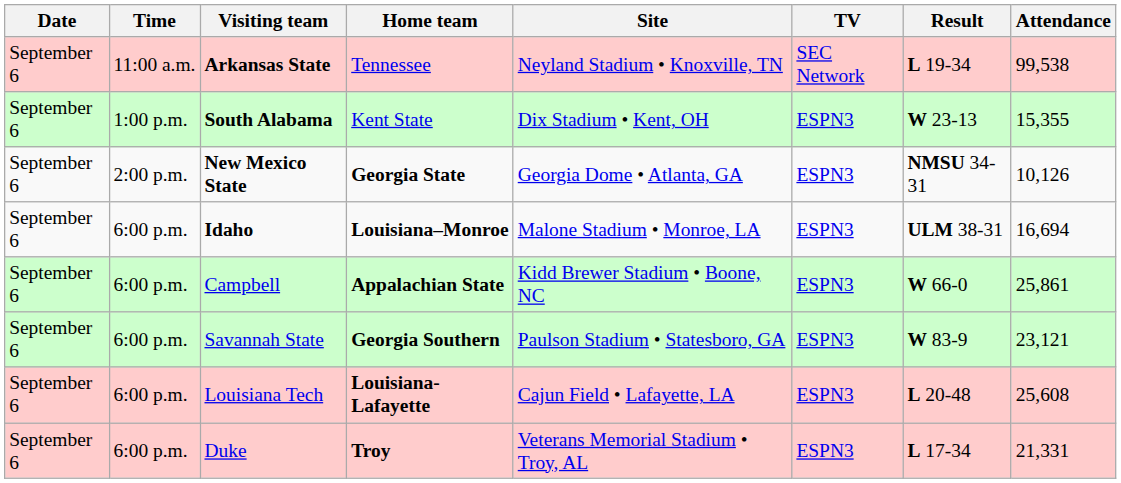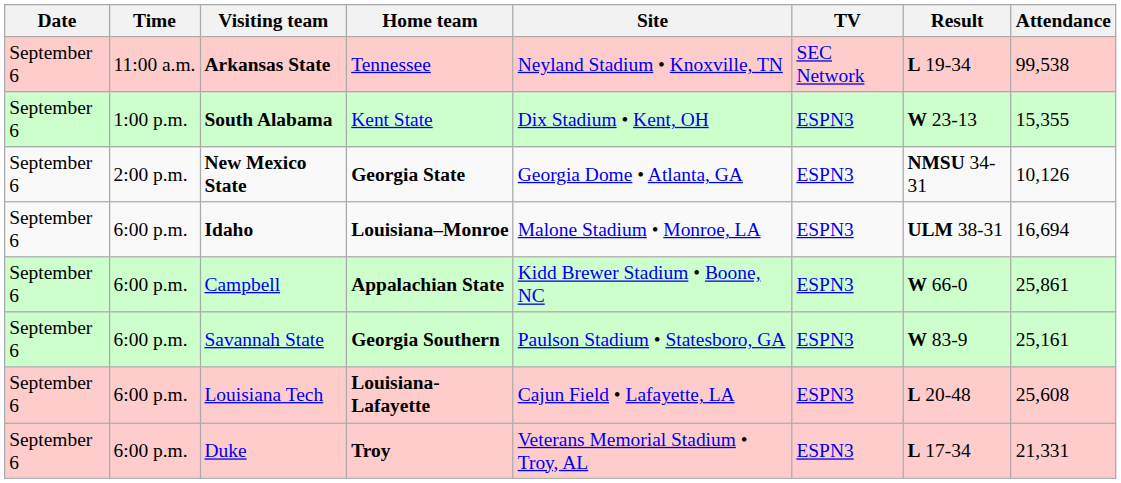 <table class="wikitable" style="font-size:95%;">
 <tr>
 <th>Date</th>
 <th>Time</th>
 <th>Visiting team</th>
 <th>Home team</th>
 <th>Site</th>
 <th>TV</th>
 <th>Result</th>
 <th>Attendance</th>
 </tr>
 <tr style="background:#fcc;">
 <td>September 6</td>
 <td>11:00 a.m.</td>
 <td><strong>Arkansas State</strong></td>
 <td><a href='#'>Tennessee</a></td>
 <td><a href='#'>Neyland Stadium</a> • <a href='#'>Knoxville, TN</a></td>
 <td><a href='#'>SEC Network</a></td>
 <td><strong>L</strong> 19-34</td>
 <td>99,538</td>
 </tr>
 <tr style="background:#cfc;">
 <td>September 6</td>
 <td>1:00 p.m.</td>
 <td><strong>South Alabama</strong></td>
 <td><a href='#'>Kent State</a></td>
 <td><a href='#'>Dix Stadium</a> • <a href='#'>Kent, OH</a></td>
 <td><a href='#'>ESPN3</a></td>
 <td><strong>W</strong> 23-13</td>
 <td>15,355</td>
 </tr>
 <tr style="background:">
 <td>September 6</td>
 <td>2:00 p.m.</td>
 <td><strong>New Mexico State</strong></td>
 <td><strong>Georgia State</strong></td>
 <td><a href='#'>Georgia Dome</a> • <a href='#'>Atlanta, GA</a></td>
 <td><a href='#'>ESPN3</a></td>
 <td><strong>NMSU</strong> 34-31</td>
 <td>10,126</td>
 </tr>
 <tr style="background:">
 <td>September 6</td>
 <td>6:00 p.m.</td>
 <td><strong>Idaho</strong></td>
 <td><strong>Louisiana–Monroe</strong></td>
 <td><a href='#'>Malone Stadium</a> • <a href='#'>Monroe, LA</a></td>
 <td><a href='#'>ESPN3</a></td>
 <td><strong>ULM</strong> 38-31</td>
 <td>16,694</td>
 </tr>
 <tr style="background:#cfc;">
 <td>September 6</td>
 <td>6:00 p.m.</td>
 <td><a href='#'>Campbell</a></td>
 <td><strong>Appalachian State</strong></td>
 <td><a href='#'>Kidd Brewer Stadium</a> • <a href='#'>Boone, NC</a></td>
 <td><a href='#'>ESPN3</a></td>
 <td><strong>W</strong> 66-0</td>
 <td>25,861</td>
 </tr>
 <tr style="background:#cfc;">
 <td>September 6</td>
 <td>6:00 p.m.</td>
 <td><a href='#'>Savannah State</a></td>
 <td><strong>Georgia Southern</strong></td>
 <td><a href='#'>Paulson Stadium</a> • <a href='#'>Statesboro, GA</a></td>
 <td><a href='#'>ESPN3</a></td>
 <td><strong>W</strong> 83-9</td>
-<td>23,121</td>
+<td>25,161</td>
 </tr>
 <tr style="background:#fcc;">
 <td>September 6</td>
 <td>6:00 p.m.</td>
 <td><a href='#'>Louisiana Tech</a></td>
 <td><strong>Louisiana-Lafayette</strong></td>
 <td><a href='#'>Cajun Field</a> • <a href='#'>Lafayette, LA</a></td>
 <td><a href='#'>ESPN3</a></td>
 <td><strong>L</strong> 20-48</td>
 <td>25,608</td>
 </tr>
 <tr style="background:#fcc;">
 <td>September 6</td>
 <td>6:00 p.m.</td>
 <td><a href='#'>Duke</a></td>
 <td><strong>Troy</strong></td>
 <td><a href='#'>Veterans Memorial Stadium</a> • <a href='#'>Troy, AL</a></td>
 <td><a href='#'>ESPN3</a></td>
 <td><strong>L</strong> 17-34</td>
 <td>21,331</td>
 </tr>
 </table>
